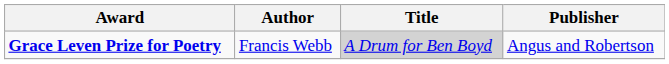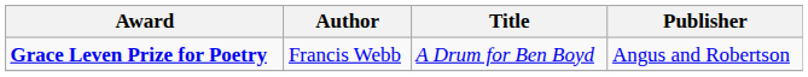 <table class="wikitable" width=100%>
 <tr>
 <th>Award</th>
 <th>Author</th>
 <th>Title</th>
 <th>Publisher</th>
 </tr>
 <tr>
 <td><strong><a href='#'>Grace Leven Prize for Poetry</a></strong></td>
 <td><a href='#'>Francis Webb</a></td>
-<td style="background: lightgrey;"><em><a href='#'>A Drum for Ben Boyd</a></em></td>
+<td><em><a href='#'>A Drum for Ben Boyd</a></em></td>
 <td><a href='#'>Angus and Robertson</a></td>
 </tr>
 <tr>
 </tr>
 </table>
